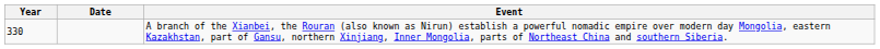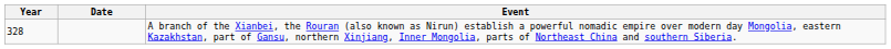 <table class="wikitable" width="100%">
 <tr>
 <th style="width:6%">Year</th>
 <th style="width:10%">Date</th>
 <th>Event</th>
 </tr>
 <tr>
-<td>330</td>
+<td>328</td>
 <td></td>
 <td>A branch of the <a href='#'>Xianbei</a>, the <a href='#'>Rouran</a> (also known as Nirun) establish a powerful nomadic empire over modern day <a href='#'>Mongolia</a>, eastern <a href='#'>Kazakhstan</a>, part of <a href='#'>Gansu</a>, northern <a href='#'>Xinjiang</a>, <a href='#'>Inner Mongolia</a>, parts of <a href='#'>Northeast China</a> and <a href='#'>southern Siberia</a>.</td>
 </tr>
 </table>
